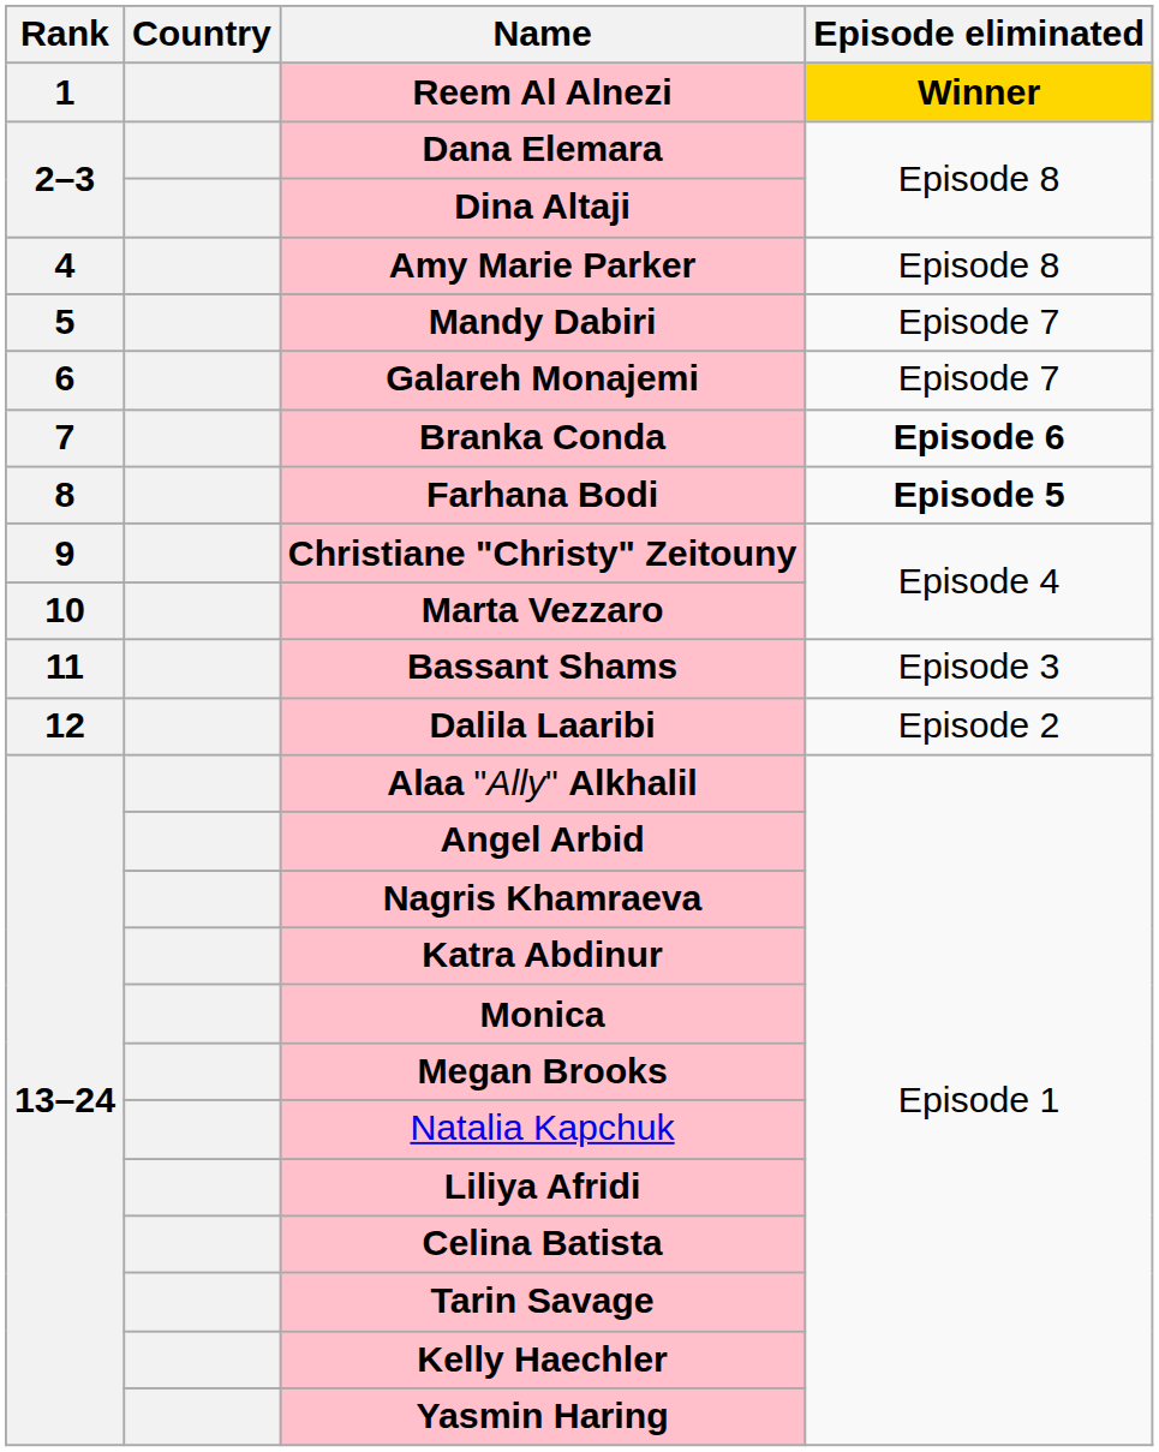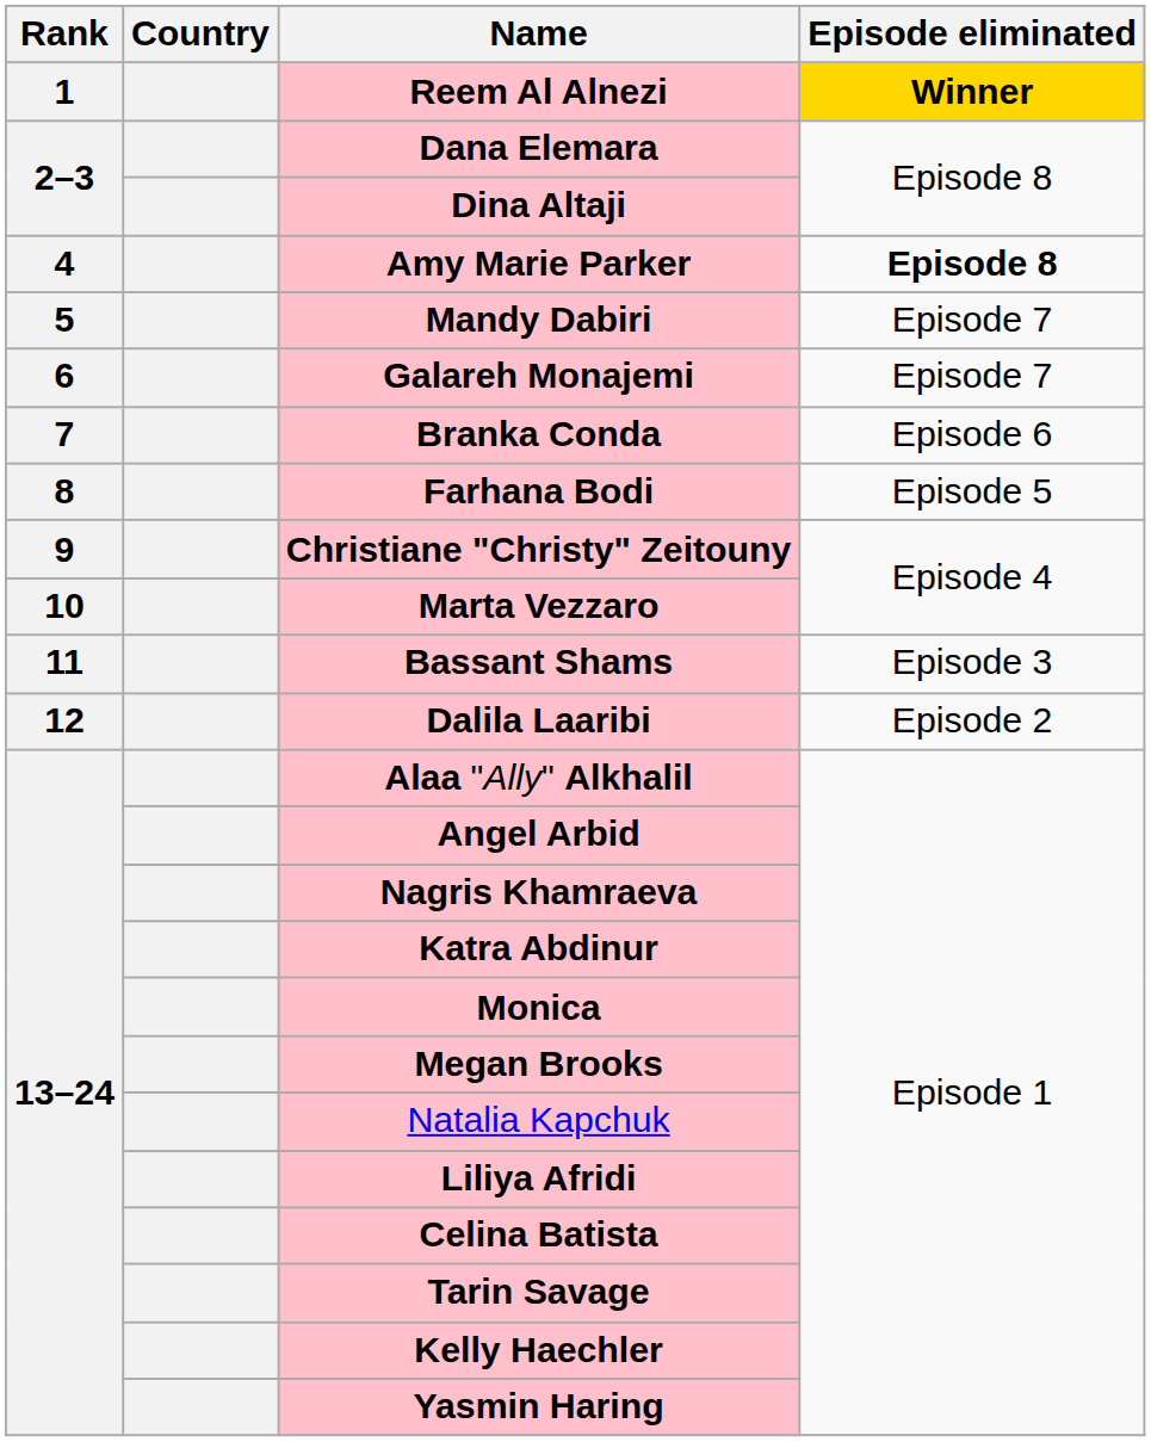 <table class="wikitable" style="text-align:center">
 <tr>
 <th>Rank</th>
 <th>Country</th>
 <th>Name</th>
 <th>Episode eliminated</th>
 </tr>
 <tr>
 <th>1</th>
 <th></th>
 <td bgcolor="pink"><strong>Reem Al Alnezi</strong></td>
 <td colspan="4" style="background:gold; text-align:center;"><strong>Winner</strong></td>
 </tr>
 <tr>
 <th rowspan="2">2–3</th>
 <th></th>
 <td bgcolor="pink"><strong>Dana Elemara</strong></td>
 <td rowspan="2">Episode 8</td>
 </tr>
 <tr>
 <th></th>
 <td bgcolor="pink"><strong>Dina Altaji</strong></td>
 </tr>
 <tr>
 <th>4</th>
 <th></th>
 <td bgcolor="pink"><strong>Amy Marie Parker</strong></td>
-<td>Episode 8</td>
+<td><strong>Episode 8</strong></td>
 </tr>
 <tr>
 <th>5</th>
 <th></th>
 <td bgcolor="pink"><strong>Mandy Dabiri</strong></td>
 <td>Episode 7</td>
 </tr>
 <tr>
 <th>6</th>
 <th></th>
 <td bgcolor="pink"><strong>Galareh Monajemi</strong></td>
 <td>Episode 7</td>
 </tr>
 <tr>
 <th>7</th>
 <th></th>
 <td bgcolor="pink"><strong>Branka Conda</strong></td>
-<td><strong>Episode 6</strong></td>
+<td>Episode 6</td>
 </tr>
 <tr>
 <th>8</th>
 <th></th>
 <td bgcolor="pink"><strong>Farhana Bodi</strong></td>
-<td><strong>Episode 5</strong></td>
+<td>Episode 5</td>
 </tr>
 <tr>
 <th>9</th>
 <th></th>
 <td bgcolor="pink"><strong>Christiane "Christy" Zeitouny</strong></td>
 <td rowspan="2">Episode 4</td>
 </tr>
 <tr>
 <th>10</th>
 <th></th>
 <td bgcolor="pink"><strong>Marta Vezzaro</strong></td>
 </tr>
 <tr>
 <th>11</th>
 <th></th>
 <td bgcolor="pink"><strong>Bassant Shams</strong></td>
 <td>Episode 3</td>
 </tr>
 <tr>
 <th>12</th>
 <th></th>
 <td bgcolor="pink"><strong>Dalila Laaribi</strong></td>
 <td>Episode 2</td>
 </tr>
 <tr>
 <th rowspan="12">13–24</th>
 <th></th>
 <td bgcolor="pink"><strong>Alaa</strong> "<em>Ally</em>" <strong>Alkhalil</strong></td>
 <td rowspan="12">Episode 1</td>
 </tr>
 <tr>
 <th></th>
 <td bgcolor="pink"><strong>Angel Arbid</strong></td>
 </tr>
 <tr>
 <th></th>
 <td bgcolor="pink"><strong>Nagris Khamraeva</strong></td>
 </tr>
 <tr>
 <th></th>
 <td bgcolor="pink"><strong>Katra Abdinur</strong></td>
 </tr>
 <tr>
 <th></th>
 <td bgcolor="pink"><strong>Monica</strong></td>
 </tr>
 <tr>
 <th></th>
 <td bgcolor="pink"><strong>Megan Brooks</strong></td>
 </tr>
 <tr>
 <th></th>
 <td bgcolor="pink"><a href='#'>Natalia Kapchuk</a></td>
 </tr>
 <tr>
 <th></th>
 <td bgcolor="pink"><strong>Liliya Afridi</strong></td>
 </tr>
 <tr>
 <th></th>
 <td bgcolor="pink"><strong>Celina Batista</strong></td>
 </tr>
 <tr>
 <th></th>
 <td bgcolor="pink"><strong>Tarin Savage</strong></td>
 </tr>
 <tr>
 <th></th>
 <td bgcolor="pink"><strong>Kelly Haechler</strong></td>
 </tr>
 <tr>
 <th></th>
 <td bgcolor="pink"><strong>Yasmin Haring</strong></td>
 </tr>
 </table>
